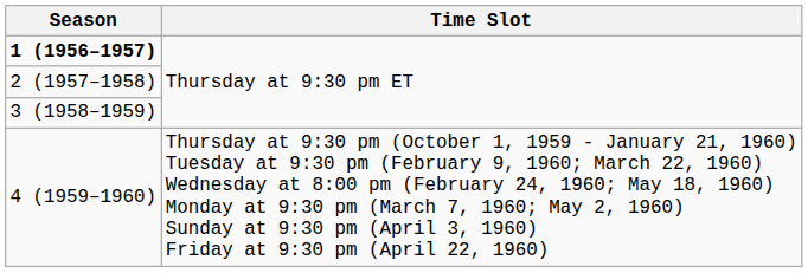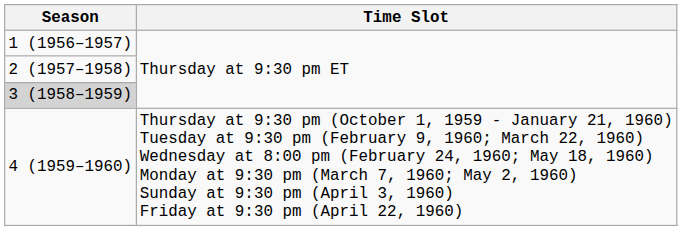 <table class="wikitable">
 <tr>
 <th>Season</th>
 <th>Time Slot</th>
 </tr>
 <tr>
-<td><strong>1 (1956–1957)</strong></td>
+<td>1 (1956–1957)</td>
 <td rowspan="3">Thursday at 9:30 pm ET</td>
 </tr>
 <tr>
 <td>2 (1957–1958)</td>
 </tr>
 <tr>
-<td>3 (1958–1959)</td>
+<td style="background: lightgrey;">3 (1958–1959)</td>
 </tr>
 <tr>
 <td>4 (1959–1960)</td>
 <td>Thursday at 9:30 pm (October 1, 1959 - January 21, 1960)<br>Tuesday at 9:30 pm (February 9, 1960; March 22, 1960)<br>Wednesday at 8:00 pm (February 24, 1960; May 18, 1960)<br>Monday at 9:30 pm (March 7, 1960; May 2, 1960)<br>Sunday at 9:30 pm (April 3, 1960)<br>Friday at 9:30 pm (April 22, 1960)</td>
 </tr>
 </table>
